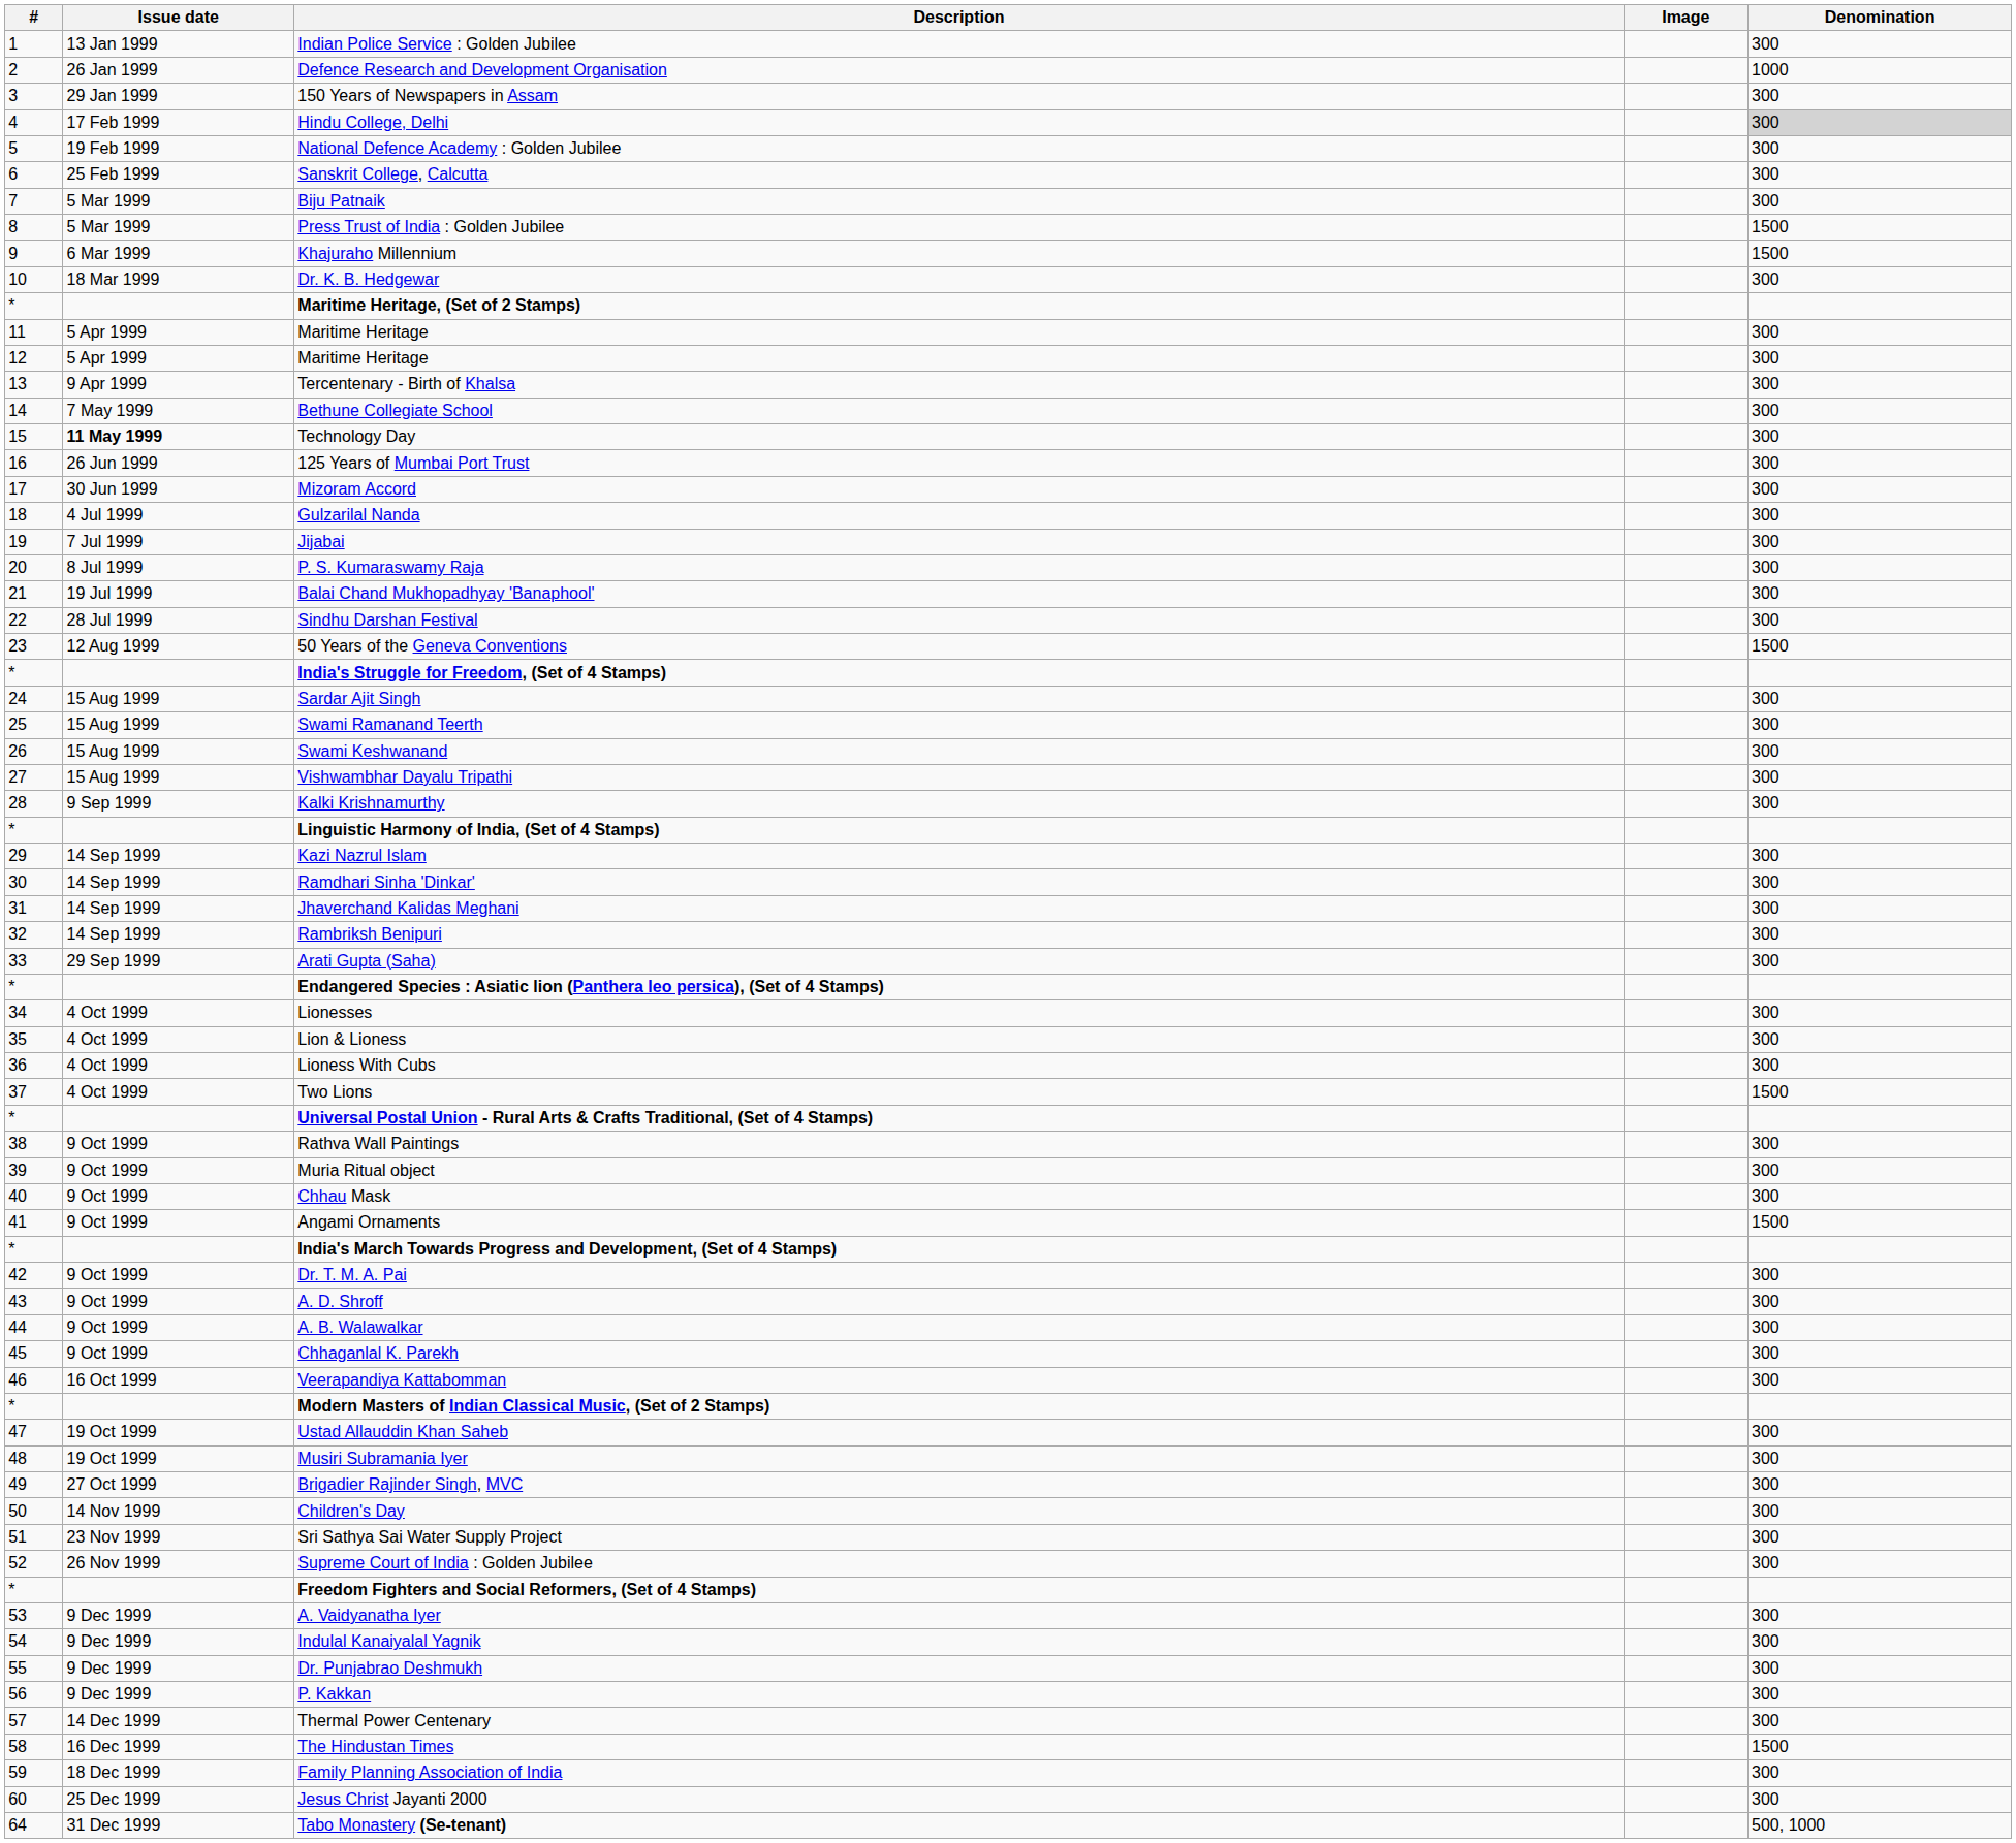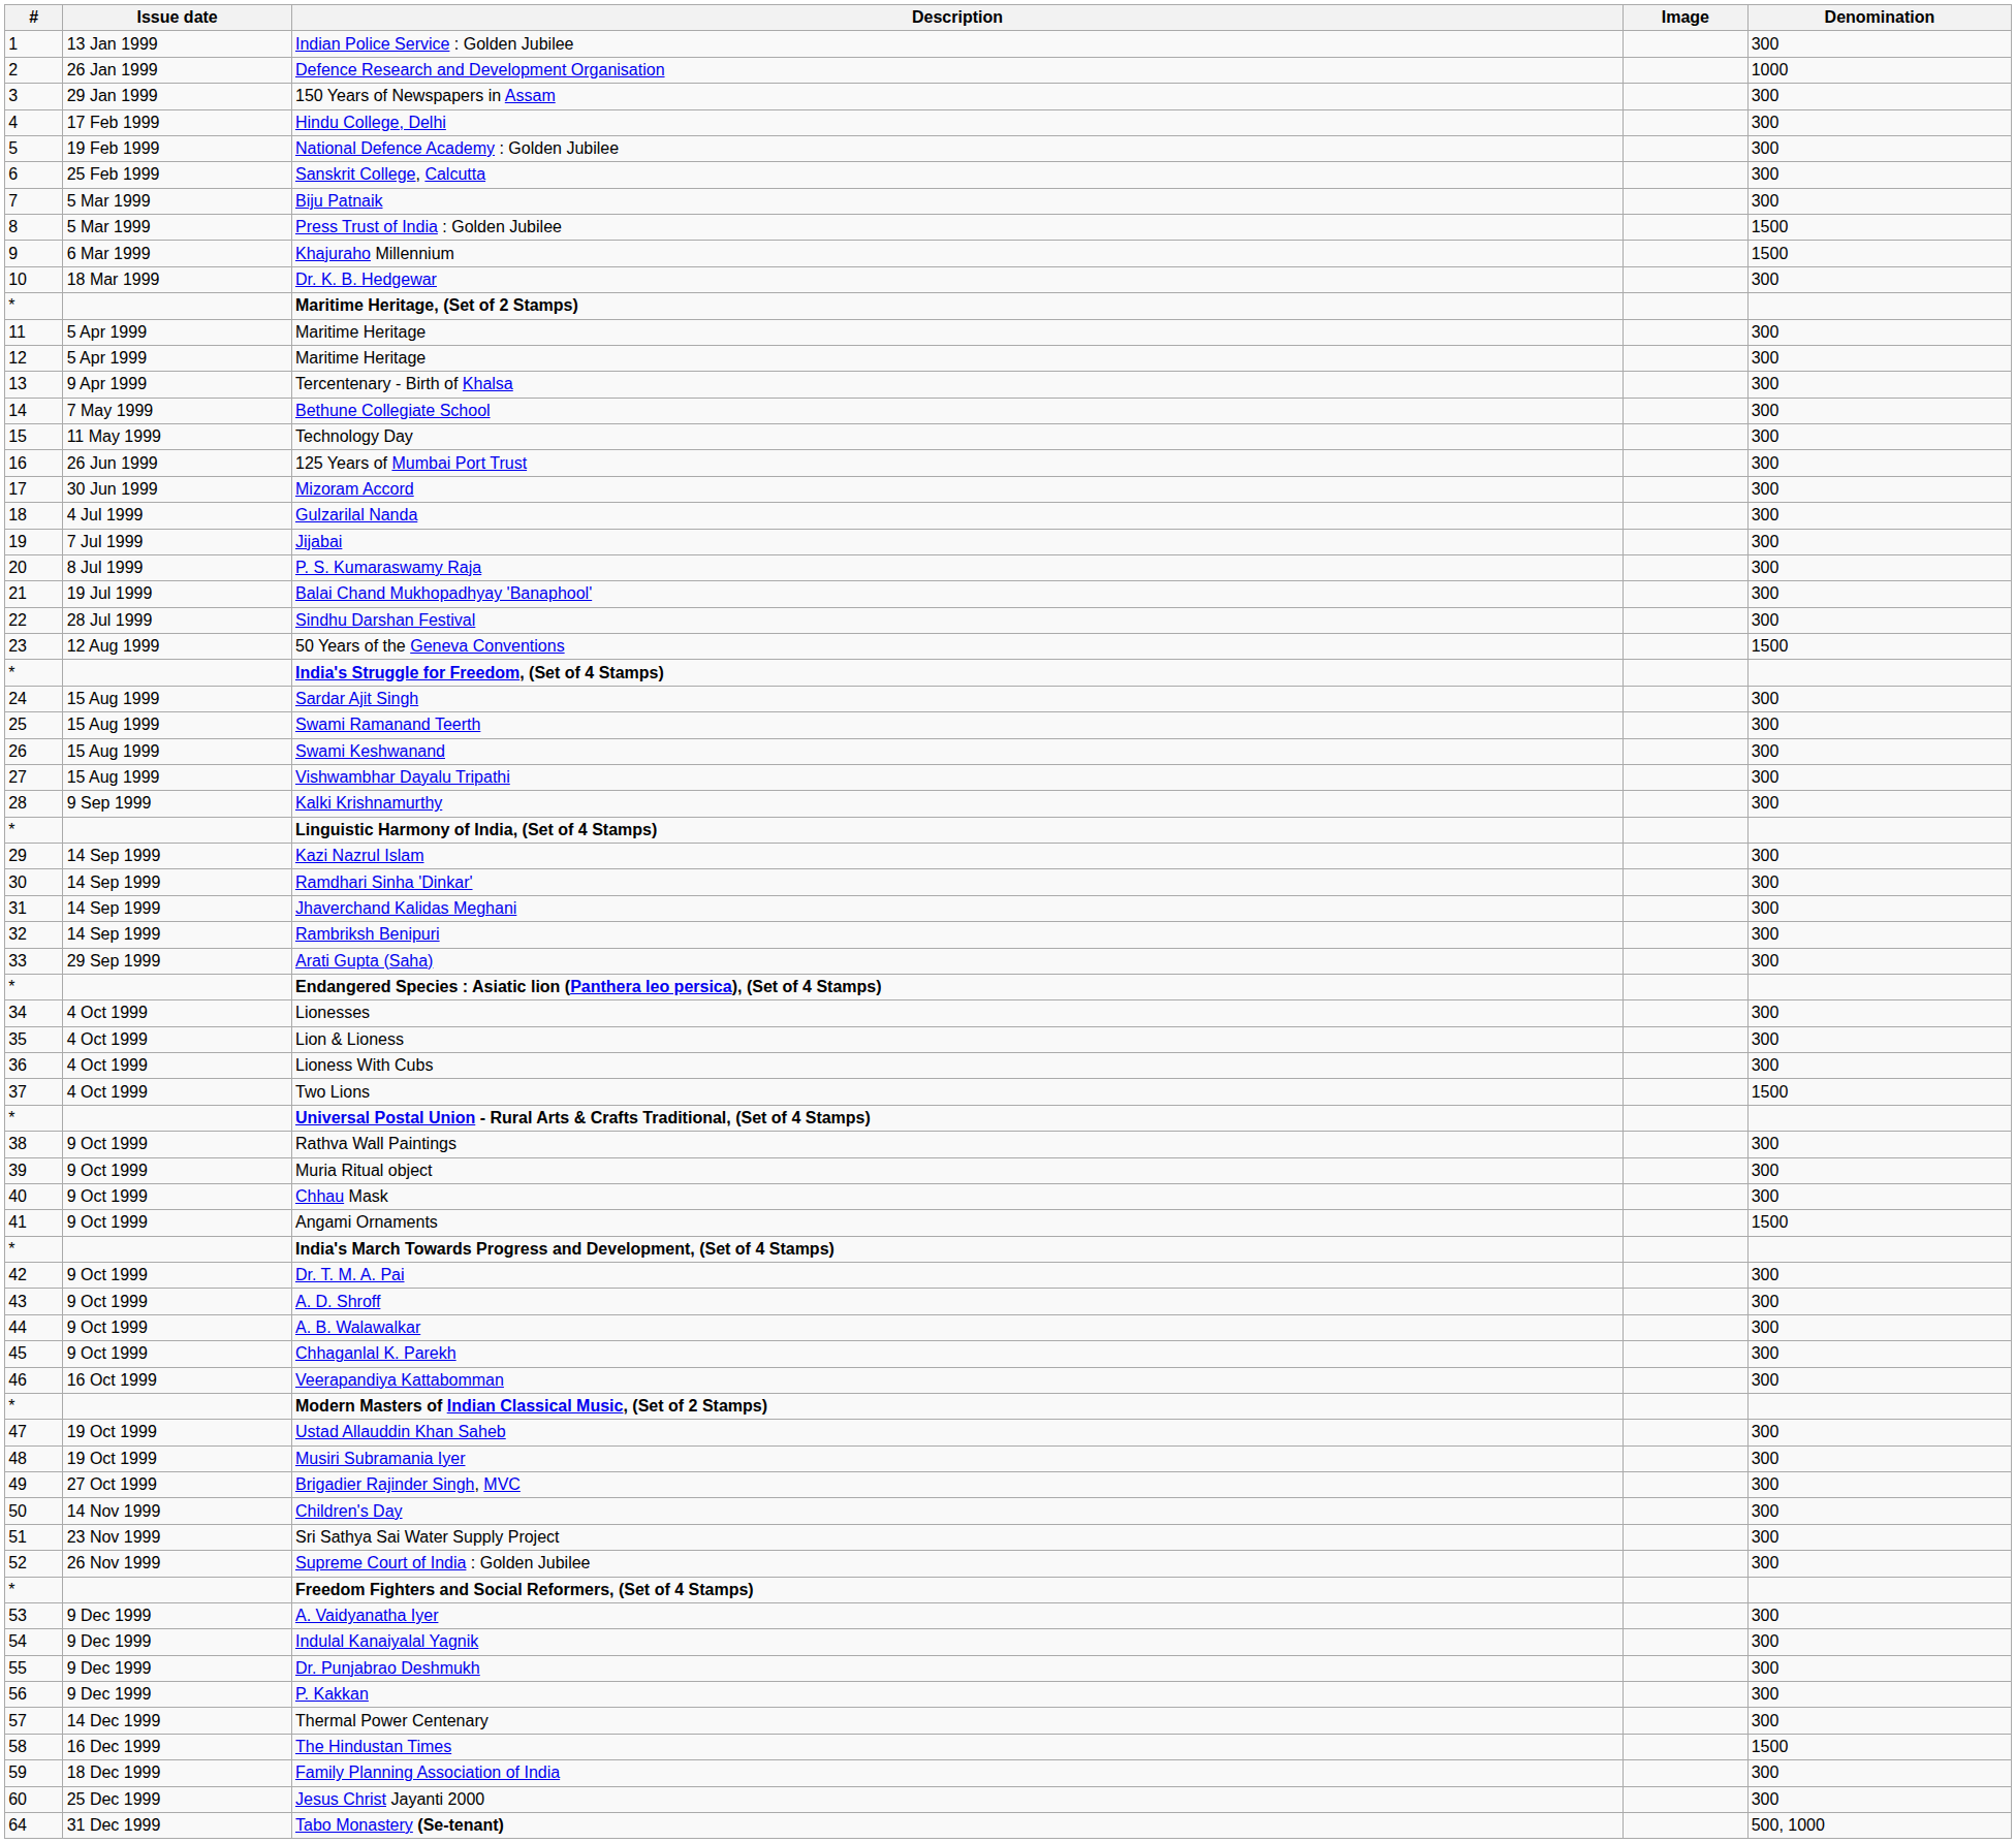 <table class="wikitable" style="text-align:justify" width="98%">
 <tr>
 <th>#</th>
 <th>Issue date</th>
 <th>Description</th>
 <th>Image</th>
 <th>Denomination</th>
 </tr>
 <tr>
 <td>1</td>
 <td>13 Jan 1999</td>
 <td><a href='#'>Indian Police Service</a> : Golden Jubilee</td>
 <td></td>
 <td>300</td>
 </tr>
 <tr>
 <td>2</td>
 <td>26 Jan 1999</td>
 <td><a href='#'>Defence Research and Development Organisation</a></td>
 <td></td>
 <td>1000</td>
 </tr>
 <tr>
 <td>3</td>
 <td>29 Jan 1999</td>
 <td>150 Years of Newspapers in <a href='#'>Assam</a></td>
 <td></td>
 <td>300</td>
 </tr>
 <tr>
 <td>4</td>
 <td>17 Feb 1999</td>
 <td><a href='#'>Hindu College, Delhi</a></td>
 <td></td>
-<td style="background: lightgrey;">300</td>
+<td>300</td>
 </tr>
 <tr>
 <td>5</td>
 <td>19 Feb 1999</td>
 <td><a href='#'>National Defence Academy</a> : Golden Jubilee</td>
 <td></td>
 <td>300</td>
 </tr>
 <tr>
 <td>6</td>
 <td>25 Feb 1999</td>
 <td><a href='#'>Sanskrit College</a>, <a href='#'>Calcutta</a></td>
 <td></td>
 <td>300</td>
 </tr>
 <tr>
 <td>7</td>
 <td>5 Mar 1999</td>
 <td><a href='#'>Biju Patnaik</a></td>
 <td></td>
 <td>300</td>
 </tr>
 <tr>
 <td>8</td>
 <td>5 Mar 1999</td>
 <td><a href='#'>Press Trust of India</a> : Golden Jubilee</td>
 <td></td>
 <td>1500</td>
 </tr>
 <tr>
 <td>9</td>
 <td>6 Mar 1999</td>
 <td><a href='#'>Khajuraho</a> Millennium</td>
 <td></td>
 <td>1500</td>
 </tr>
 <tr>
 <td>10</td>
 <td>18 Mar 1999</td>
 <td><a href='#'>Dr. K. B. Hedgewar</a></td>
 <td></td>
 <td>300</td>
 </tr>
 <tr>
 <td>*</td>
 <td></td>
 <td><strong>Maritime Heritage, (Set of 2 Stamps)</strong></td>
 <td></td>
 <td></td>
 </tr>
 <tr>
 <td>11</td>
 <td>5 Apr 1999</td>
 <td>Maritime Heritage</td>
 <td></td>
 <td>300</td>
 </tr>
 <tr>
 <td>12</td>
 <td>5 Apr 1999</td>
 <td>Maritime Heritage</td>
 <td></td>
 <td>300</td>
 </tr>
 <tr>
 <td>13</td>
 <td>9 Apr 1999</td>
 <td>Tercentenary - Birth of <a href='#'>Khalsa</a></td>
 <td></td>
 <td>300</td>
 </tr>
 <tr>
 <td>14</td>
 <td>7 May 1999</td>
 <td><a href='#'>Bethune Collegiate School</a></td>
 <td></td>
 <td>300</td>
 </tr>
 <tr>
 <td>15</td>
-<td><strong>11 May 1999</strong></td>
+<td>11 May 1999</td>
 <td>Technology Day</td>
 <td></td>
 <td>300</td>
 </tr>
 <tr>
 <td>16</td>
 <td>26 Jun 1999</td>
 <td>125 Years of <a href='#'>Mumbai Port Trust</a></td>
 <td></td>
 <td>300</td>
 </tr>
 <tr>
 <td>17</td>
 <td>30 Jun 1999</td>
 <td><a href='#'>Mizoram Accord</a></td>
 <td></td>
 <td>300</td>
 </tr>
 <tr>
 <td>18</td>
 <td>4 Jul 1999</td>
 <td><a href='#'>Gulzarilal Nanda</a></td>
 <td></td>
 <td>300</td>
 </tr>
 <tr>
 <td>19</td>
 <td>7 Jul 1999</td>
 <td><a href='#'>Jijabai</a></td>
 <td></td>
 <td>300</td>
 </tr>
 <tr>
 <td>20</td>
 <td>8 Jul 1999</td>
 <td><a href='#'>P. S. Kumaraswamy Raja</a></td>
 <td></td>
 <td>300</td>
 </tr>
 <tr>
 <td>21</td>
 <td>19 Jul 1999</td>
 <td><a href='#'>Balai Chand Mukhopadhyay 'Banaphool'</a></td>
 <td></td>
 <td>300</td>
 </tr>
 <tr>
 <td>22</td>
 <td>28 Jul 1999</td>
 <td><a href='#'>Sindhu Darshan Festival</a></td>
 <td></td>
 <td>300</td>
 </tr>
 <tr>
 <td>23</td>
 <td>12 Aug 1999</td>
 <td>50 Years of the <a href='#'>Geneva Conventions</a></td>
 <td></td>
 <td>1500</td>
 </tr>
 <tr>
 <td>*</td>
 <td></td>
 <td><strong><a href='#'>India's Struggle for Freedom</a>, (Set of 4 Stamps)</strong></td>
 <td></td>
 <td></td>
 </tr>
 <tr>
 <td>24</td>
 <td>15 Aug 1999</td>
 <td><a href='#'>Sardar Ajit Singh</a></td>
 <td></td>
 <td>300</td>
 </tr>
 <tr>
 <td>25</td>
 <td>15 Aug 1999</td>
 <td><a href='#'>Swami Ramanand Teerth</a></td>
 <td></td>
 <td>300</td>
 </tr>
 <tr>
 <td>26</td>
 <td>15 Aug 1999</td>
 <td><a href='#'>Swami Keshwanand</a></td>
 <td></td>
 <td>300</td>
 </tr>
 <tr>
 <td>27</td>
 <td>15 Aug 1999</td>
 <td><a href='#'>Vishwambhar Dayalu Tripathi</a></td>
 <td></td>
 <td>300</td>
 </tr>
 <tr>
 <td>28</td>
 <td>9 Sep 1999</td>
 <td><a href='#'>Kalki Krishnamurthy</a></td>
 <td></td>
 <td>300</td>
 </tr>
 <tr>
 <td>*</td>
 <td></td>
 <td><strong>Linguistic Harmony of India, (Set of 4 Stamps)</strong></td>
 <td></td>
 <td></td>
 </tr>
 <tr>
 <td>29</td>
 <td>14 Sep 1999</td>
 <td><a href='#'>Kazi Nazrul Islam</a></td>
 <td></td>
 <td>300</td>
 </tr>
 <tr>
 <td>30</td>
 <td>14 Sep 1999</td>
 <td><a href='#'>Ramdhari Sinha 'Dinkar'</a></td>
 <td></td>
 <td>300</td>
 </tr>
 <tr>
 <td>31</td>
 <td>14 Sep 1999</td>
 <td><a href='#'>Jhaverchand Kalidas Meghani</a></td>
 <td></td>
 <td>300</td>
 </tr>
 <tr>
 <td>32</td>
 <td>14 Sep 1999</td>
 <td><a href='#'>Rambriksh Benipuri</a></td>
 <td></td>
 <td>300</td>
 </tr>
 <tr>
 <td>33</td>
 <td>29 Sep 1999</td>
 <td><a href='#'>Arati Gupta (Saha)</a></td>
 <td></td>
 <td>300</td>
 </tr>
 <tr>
 <td>*</td>
 <td></td>
 <td><strong>Endangered Species : Asiatic lion (<a href='#'>Panthera leo persica</a>), (Set of 4 Stamps)</strong></td>
 <td></td>
 <td></td>
 </tr>
 <tr>
 <td>34</td>
 <td>4 Oct 1999</td>
 <td>Lionesses</td>
 <td></td>
 <td>300</td>
 </tr>
 <tr>
 <td>35</td>
 <td>4 Oct 1999</td>
 <td>Lion & Lioness</td>
 <td></td>
 <td>300</td>
 </tr>
 <tr>
 <td>36</td>
 <td>4 Oct 1999</td>
 <td>Lioness With Cubs</td>
 <td></td>
 <td>300</td>
 </tr>
 <tr>
 <td>37</td>
 <td>4 Oct 1999</td>
 <td>Two Lions</td>
 <td></td>
 <td>1500</td>
 </tr>
 <tr>
 <td>*</td>
 <td></td>
 <td><strong><a href='#'>Universal Postal Union</a> - Rural Arts & Crafts Traditional, (Set of 4 Stamps)</strong></td>
 <td></td>
 <td></td>
 </tr>
 <tr>
 <td>38</td>
 <td>9 Oct 1999</td>
 <td>Rathva Wall Paintings</td>
 <td></td>
 <td>300</td>
 </tr>
 <tr>
 <td>39</td>
 <td>9 Oct 1999</td>
 <td>Muria Ritual object</td>
 <td></td>
 <td>300</td>
 </tr>
 <tr>
 <td>40</td>
 <td>9 Oct 1999</td>
 <td><a href='#'>Chhau</a> Mask</td>
 <td></td>
 <td>300</td>
 </tr>
 <tr>
 <td>41</td>
 <td>9 Oct 1999</td>
 <td>Angami Ornaments</td>
 <td></td>
 <td>1500</td>
 </tr>
 <tr>
 <td>*</td>
 <td></td>
 <td><strong>India's March Towards Progress and Development, (Set of 4 Stamps)</strong></td>
 <td></td>
 <td></td>
 </tr>
 <tr>
 <td>42</td>
 <td>9 Oct 1999</td>
 <td><a href='#'>Dr. T. M. A. Pai</a></td>
 <td></td>
 <td>300</td>
 </tr>
 <tr>
 <td>43</td>
 <td>9 Oct 1999</td>
 <td><a href='#'>A. D. Shroff</a></td>
 <td></td>
 <td>300</td>
 </tr>
 <tr>
 <td>44</td>
 <td>9 Oct 1999</td>
 <td><a href='#'>A. B. Walawalkar</a></td>
 <td></td>
 <td>300</td>
 </tr>
 <tr>
 <td>45</td>
 <td>9 Oct 1999</td>
 <td><a href='#'>Chhaganlal K. Parekh</a></td>
 <td></td>
 <td>300</td>
 </tr>
 <tr>
 <td>46</td>
 <td>16 Oct 1999</td>
 <td><a href='#'>Veerapandiya Kattabomman</a></td>
 <td></td>
 <td>300</td>
 </tr>
 <tr>
 <td>*</td>
 <td></td>
 <td><strong>Modern Masters of <a href='#'>Indian Classical Music</a>, (Set of 2 Stamps)</strong></td>
 <td></td>
 <td></td>
 </tr>
 <tr>
 <td>47</td>
 <td>19 Oct 1999</td>
 <td><a href='#'>Ustad Allauddin Khan Saheb</a></td>
 <td></td>
 <td>300</td>
 </tr>
 <tr>
 <td>48</td>
 <td>19 Oct 1999</td>
 <td><a href='#'>Musiri Subramania Iyer</a></td>
 <td></td>
 <td>300</td>
 </tr>
 <tr>
 <td>49</td>
 <td>27 Oct 1999</td>
 <td><a href='#'>Brigadier Rajinder Singh</a>, <a href='#'>MVC</a></td>
 <td></td>
 <td>300</td>
 </tr>
 <tr>
 <td>50</td>
 <td>14 Nov 1999</td>
 <td><a href='#'>Children's Day</a></td>
 <td></td>
 <td>300</td>
 </tr>
 <tr>
 <td>51</td>
 <td>23 Nov 1999</td>
 <td>Sri Sathya Sai Water Supply Project</td>
 <td></td>
 <td>300</td>
 </tr>
 <tr>
 <td>52</td>
 <td>26 Nov 1999</td>
 <td><a href='#'>Supreme Court of India</a> : Golden Jubilee</td>
 <td></td>
 <td>300</td>
 </tr>
 <tr>
 <td>*</td>
 <td></td>
 <td><strong>Freedom Fighters and Social Reformers, (Set of 4 Stamps)</strong></td>
 <td></td>
 <td></td>
 </tr>
 <tr>
 <td>53</td>
 <td>9 Dec 1999</td>
 <td><a href='#'>A. Vaidyanatha Iyer</a></td>
 <td></td>
 <td>300</td>
 </tr>
 <tr>
 <td>54</td>
 <td>9 Dec 1999</td>
 <td><a href='#'>Indulal Kanaiyalal Yagnik</a></td>
 <td></td>
 <td>300</td>
 </tr>
 <tr>
 <td>55</td>
 <td>9 Dec 1999</td>
 <td><a href='#'>Dr. Punjabrao Deshmukh</a></td>
 <td></td>
 <td>300</td>
 </tr>
 <tr>
 <td>56</td>
 <td>9 Dec 1999</td>
 <td><a href='#'>P. Kakkan</a></td>
 <td></td>
 <td>300</td>
 </tr>
 <tr>
 <td>57</td>
 <td>14 Dec 1999</td>
 <td>Thermal Power Centenary</td>
 <td></td>
 <td>300</td>
 </tr>
 <tr>
 <td>58</td>
 <td>16 Dec 1999</td>
 <td><a href='#'>The Hindustan Times</a></td>
 <td></td>
 <td>1500</td>
 </tr>
 <tr>
 <td>59</td>
 <td>18 Dec 1999</td>
 <td><a href='#'>Family Planning Association of India</a></td>
 <td></td>
 <td>300</td>
 </tr>
 <tr>
 <td>60</td>
 <td>25 Dec 1999</td>
 <td><a href='#'>Jesus Christ</a> Jayanti 2000</td>
 <td></td>
 <td>300</td>
 </tr>
 <tr>
 <td>64</td>
 <td>31 Dec 1999</td>
 <td><a href='#'>Tabo Monastery</a> <strong>(Se-tenant)</strong></td>
 <td></td>
 <td>500, 1000</td>
 </tr>
 <tr>
 </tr>
 </table>
